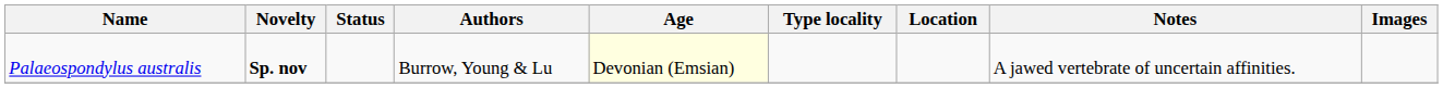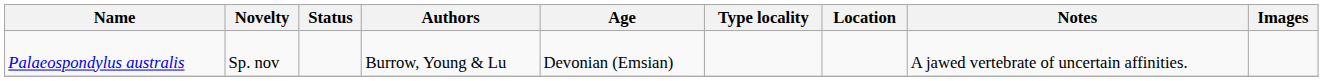 <table class="wikitable sortable" align="center" width="100%">
 <tr>
 <th>Name</th>
 <th>Novelty</th>
 <th>Status</th>
 <th>Authors</th>
 <th>Age</th>
 <th>Type locality</th>
 <th>Location</th>
 <th>Notes</th>
 <th>Images</th>
 </tr>
 <tr>
 <td><br><em><a href='#'>Palaeospondylus australis</a></em></td>
-<td><strong><br>Sp. nov</strong></td>
+<td><br>Sp. nov</td>
 <td></td>
 <td><br>Burrow, Young & Lu</td>
-<td style="background: lightyellow;"><br>Devonian (Emsian)</td>
+<td><br>Devonian (Emsian)</td>
 <td></td>
 <td><br></td>
 <td><br>A jawed vertebrate of uncertain affinities.</td>
 <td></td>
 </tr>
 <tr>
 </tr>
 </table>
